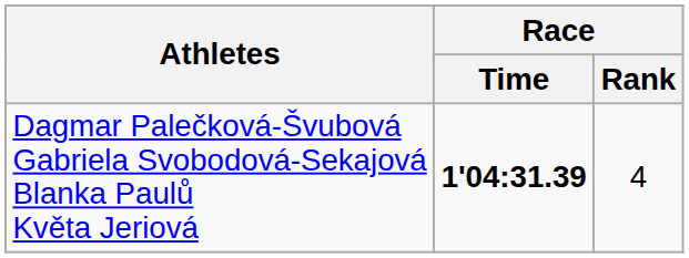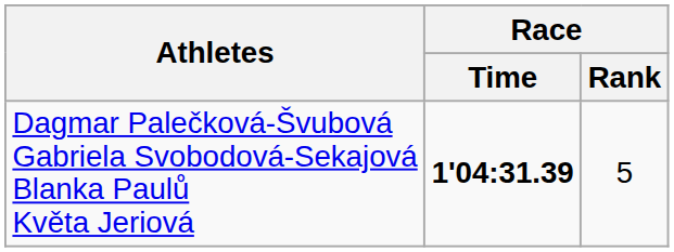 <table class="wikitable" border="1" style="font-size:90%">
 <tr>
 <th rowspan=2>Athletes</th>
 <th colspan=2>Race</th>
 </tr>
 <tr>
 <th>Time</th>
 <th>Rank</th>
 </tr>
 <tr>
 <td><a href='#'>Dagmar Palečková-Švubová</a><br><a href='#'>Gabriela Svobodová-Sekajová</a><br><a href='#'>Blanka Paulů</a><br><a href='#'>Květa Jeriová</a></td>
 <td align=center><strong>1'04:31.39</strong></td>
-<td align=center>4</td>
+<td align=center>5</td>
 </tr>
 </table>
